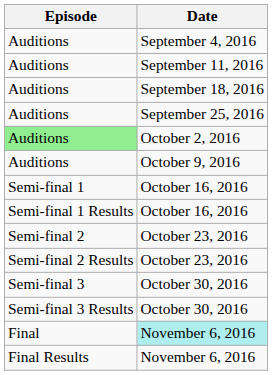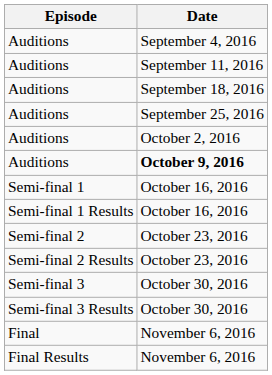 <table class="wikitable">
 <tr>
 <th>Episode</th>
 <th>Date</th>
 </tr>
 <tr>
 <td>Auditions</td>
 <td>September 4, 2016</td>
 </tr>
 <tr>
 <td>Auditions</td>
 <td>September 11, 2016</td>
 </tr>
 <tr>
 <td>Auditions</td>
 <td>September 18, 2016</td>
 </tr>
 <tr>
 <td>Auditions</td>
 <td>September 25, 2016</td>
 </tr>
 <tr>
-<td style="background: lightgreen;">Auditions</td>
+<td>Auditions</td>
 <td>October 2, 2016</td>
 </tr>
 <tr>
 <td>Auditions</td>
-<td>October 9, 2016</td>
+<td><strong>October 9, 2016</strong></td>
 </tr>
 <tr>
 <td>Semi-final 1</td>
 <td>October 16, 2016</td>
 </tr>
 <tr>
 <td>Semi-final 1 Results</td>
 <td>October 16, 2016</td>
 </tr>
 <tr>
 <td>Semi-final 2</td>
 <td>October 23, 2016</td>
 </tr>
 <tr>
 <td>Semi-final 2 Results</td>
 <td>October 23, 2016</td>
 </tr>
 <tr>
 <td>Semi-final 3</td>
 <td>October 30, 2016</td>
 </tr>
 <tr>
 <td>Semi-final 3 Results</td>
 <td>October 30, 2016</td>
 </tr>
 <tr>
 <td>Final</td>
-<td style="background: paleturquoise;">November 6, 2016</td>
+<td>November 6, 2016</td>
 </tr>
 <tr>
 <td>Final Results</td>
 <td>November 6, 2016</td>
 </tr>
 </table>
